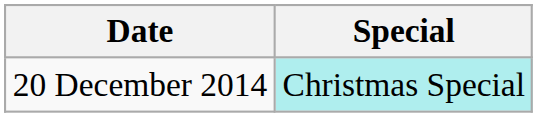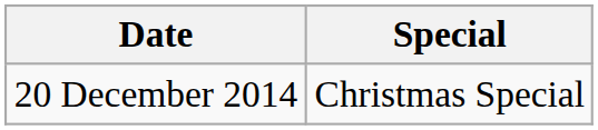 <table class="wikitable" style="text-align:center;">
 <tr>
 <th>Date</th>
 <th>Special</th>
 </tr>
 <tr>
 <td>20 December 2014</td>
-<td style="background: paleturquoise;">Christmas Special</td>
+<td>Christmas Special</td>
 </tr>
 </table>
